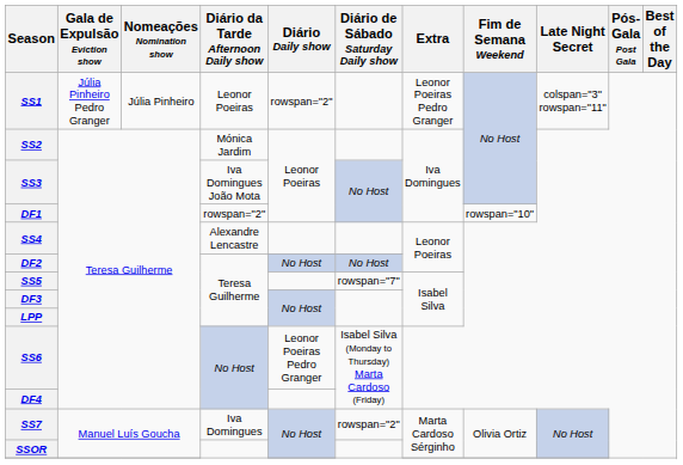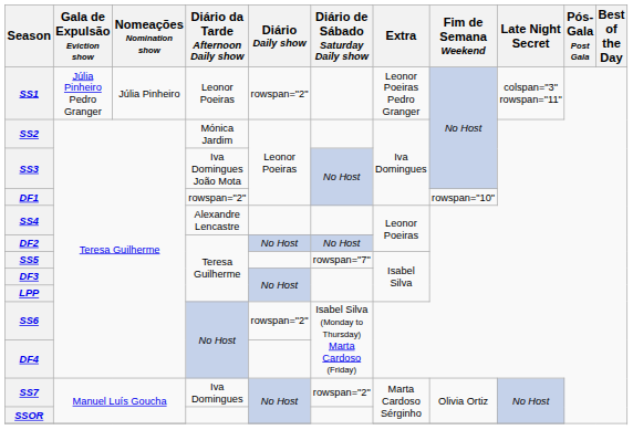 <table class="wikitable" style="text-align:center; font-size:80%;">
 <tr>
 <th><big>Season</big></th>
 <th><big>Gala de Expulsão</big><br><small><em>Eviction show</em></small></th>
 <th><big>Nomeações</big><br><em><small>Nomination show</small></em></th>
 <th><big>Diário da Tarde</big><br><em>Afternoon Daily show</em></th>
 <th><big>Diário</big><br><em>Daily show</em></th>
 <th><big>Diário de Sábado</big><br><em>Saturday Daily show</em></th>
 <th><big>Extra</big></th>
 <th><big>Fim de Semana</big><br><em>Weekend</em></th>
 <th><big>Late Night Secret</big></th>
 <th><big>Pós-Gala</big><br><em><small>Post Gala</small></em></th>
 <th><big>Best of the Day</big></th>
 </tr>
 <tr>
 <th><a href='#'><em>SS1</em></a></th>
 <td><a href='#'>Júlia Pinheiro</a><br>Pedro Granger</td>
 <td>Júlia Pinheiro</td>
 <td>Leonor Poeiras</td>
 <td>rowspan="2" </td>
 <td></td>
 <td>Leonor Poeiras<br>Pedro Granger</td>
 <td rowspan="3" bgcolor="c5d2ea"><em>No Host</em></td>
 <td>colspan="3" rowspan="11" </td>
 </tr>
 <tr>
 <th><a href='#'><em>SS2</em></a></th>
 <td colspan="2" rowspan="10"><a href='#'>Teresa Guilherme</a></td>
 <td>Mónica Jardim</td>
 <td rowspan="3">Leonor Poeiras</td>
 <td></td>
 <td rowspan="3">Iva Domingues</td>
 </tr>
 <tr>
 <th><a href='#'><em>SS3</em></a></th>
 <td>Iva Domingues<br>João Mota</td>
 <td rowspan="2" bgcolor="c5d2ea"><em>No Host</em></td>
 </tr>
 <tr>
 <th><a href='#'><em>DF1</em></a></th>
 <td>rowspan="2" </td>
 <td>rowspan="10" </td>
 </tr>
 <tr>
 <th><a href='#'><em>SS4</em></a></th>
 <td>Alexandre Lencastre</td>
 <td></td>
 <td></td>
 <td rowspan="2">Leonor Poeiras</td>
 </tr>
 <tr>
 <th><a href='#'><em>DF2</em></a></th>
 <td rowspan="4">Teresa Guilherme</td>
 <td bgcolor="c5d2ea"><em>No Host</em></td>
 <td bgcolor="c5d2ea"><em>No Host</em></td>
 </tr>
 <tr>
 <th><a href='#'><em>SS5</em></a></th>
 <td></td>
 <td>rowspan="7" </td>
 <td rowspan="3">Isabel Silva</td>
 </tr>
 <tr>
 <th><a href='#'><em>DF3</em></a></th>
 <td rowspan="2" bgcolor="c5d2ea"><em>No Host</em></td>
 </tr>
 <tr>
 <th><a href='#'><em>LPP</em></a></th>
 </tr>
 <tr>
 <th><a href='#'><em>SS6</em></a></th>
 <td rowspan="2" bgcolor="c5d2ea"><em>No Host</em></td>
-<td>Leonor Poeiras<br>Pedro Granger</td>
+<td>rowspan="2" </td>
 <td rowspan="2">Isabel Silva <small>(Monday to Thursday)</small><br><a href='#'>Marta Cardoso</a> <small>(Friday)</small></td>
 </tr>
 <tr>
 <th><a href='#'><em>DF4</em></a></th>
 </tr>
 <tr>
 <th><a href='#'><em>SS7</em></a></th>
 <td colspan="2" rowspan="2"><a href='#'>Manuel Luís Goucha</a></td>
 <td>Iva Domingues</td>
 <td rowspan="2" bgcolor="c5d2ea"><em>No Host</em></td>
 <td>rowspan="2" </td>
 <td rowspan="2">Marta Cardoso<br>Sérginho</td>
 <td rowspan="2">Olivia Ortiz</td>
 <td rowspan="2" bgcolor="c5d2ea"><em>No Host</em></td>
 </tr>
 <tr>
 <th><a href='#'><em>SSOR</em></a></th>
 </tr>
 <tr>
 </tr>
 </table>
